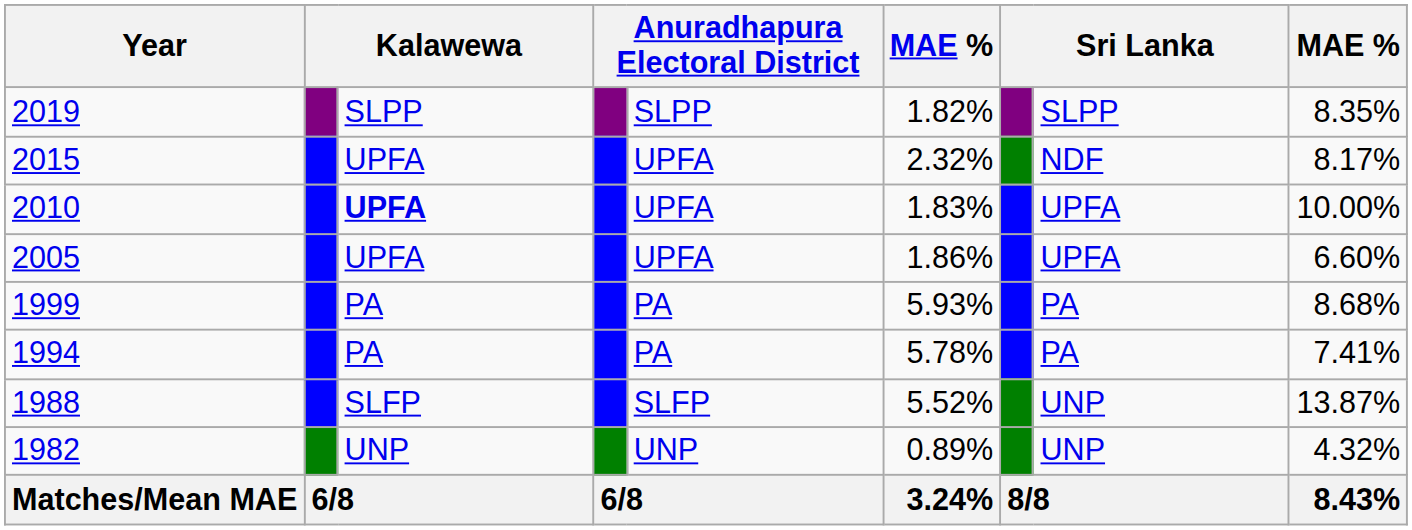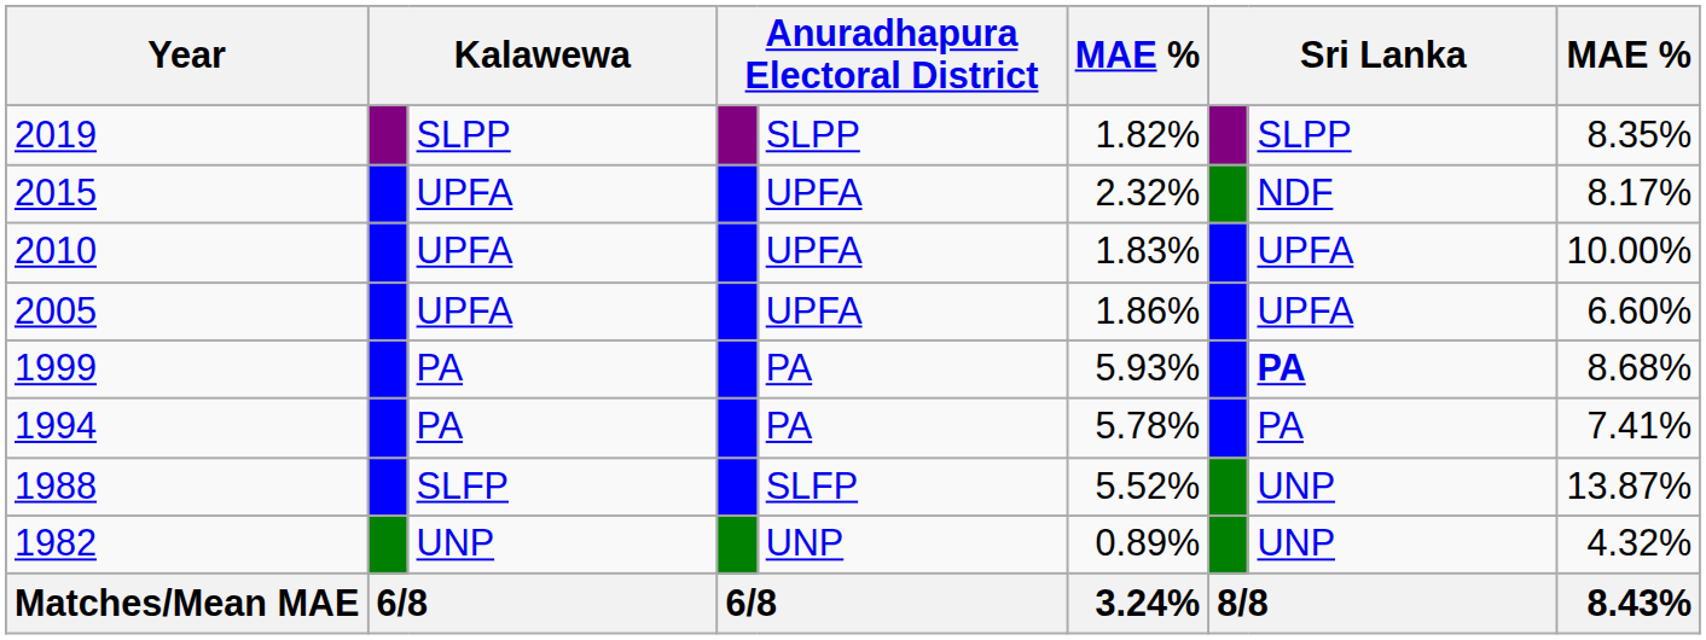 <table class="wikitable">
 <tr>
 <th>Year</th>
 <th colspan="2" width="144px">Kalawewa</th>
 <th colspan="2" width="144px"><a href='#'>Anuradhapura Electoral District</a></th>
 <th><a href='#'>MAE</a> %</th>
 <th colspan="2" width="144px">Sri Lanka</th>
 <th>MAE %</th>
 </tr>
 <tr>
 <td><a href='#'>2019</a></td>
 <td style="background-color:purple;" width="10px"></td>
 <td style="text-align:left;"><a href='#'>SLPP</a></td>
 <td style="background-color:purple;" width="10px"></td>
 <td style="text-align:left;"><a href='#'>SLPP</a></td>
 <td style="text-align:right;">1.82%</td>
 <td style="background-color:purple;" width="10px"></td>
 <td style="text-align:left;"><a href='#'>SLPP</a></td>
 <td style="text-align:right;">8.35%</td>
 </tr>
 <tr>
 <td><a href='#'>2015</a></td>
 <td style="background-color:blue;" width="10px"></td>
 <td style="text-align:left;"><a href='#'>UPFA</a></td>
 <td style="background-color:blue;" width="10px"></td>
 <td style="text-align:left;"><a href='#'>UPFA</a></td>
 <td style="text-align:right;">2.32%</td>
 <td style="background-color:green;" width="10px"></td>
 <td style="text-align:left;"><a href='#'>NDF</a></td>
 <td style="text-align:right;">8.17%</td>
 </tr>
 <tr>
 <td><a href='#'>2010</a></td>
 <td style="background-color:blue;" width="10px"></td>
-<td style="text-align:left;"><strong><a href='#'>UPFA</a></strong></td>
+<td style="text-align:left;"><a href='#'>UPFA</a></td>
 <td style="background-color:blue;" width="10px"></td>
 <td style="text-align:left;"><a href='#'>UPFA</a></td>
 <td style="text-align:right;">1.83%</td>
 <td style="background-color:blue;" width="10px"></td>
 <td style="text-align:left;"><a href='#'>UPFA</a></td>
 <td style="text-align:right;">10.00%</td>
 </tr>
 <tr>
 <td><a href='#'>2005</a></td>
 <td style="background-color:blue;" width="10px"></td>
 <td style="text-align:left;"><a href='#'>UPFA</a></td>
 <td style="background-color:blue;" width="10px"></td>
 <td style="text-align:left;"><a href='#'>UPFA</a></td>
 <td style="text-align:right;">1.86%</td>
 <td style="background-color:blue;" width="10px"></td>
 <td style="text-align:left;"><a href='#'>UPFA</a></td>
 <td style="text-align:right;">6.60%</td>
 </tr>
 <tr>
 <td><a href='#'>1999</a></td>
 <td style="background-color:blue;" width="10px"></td>
 <td style="text-align:left;"><a href='#'>PA</a></td>
 <td style="background-color:blue;" width="10px"></td>
 <td style="text-align:left;"><a href='#'>PA</a></td>
 <td style="text-align:right;">5.93%</td>
 <td style="background-color:blue;" width="10px"></td>
-<td style="text-align:left;"><a href='#'>PA</a></td>
+<td style="text-align:left;"><strong><a href='#'>PA</a></strong></td>
 <td style="text-align:right;">8.68%</td>
 </tr>
 <tr>
 <td><a href='#'>1994</a></td>
 <td style="background-color:blue;" width="10px"></td>
 <td style="text-align:left;"><a href='#'>PA</a></td>
 <td style="background-color:blue;" width="10px"></td>
 <td style="text-align:left;"><a href='#'>PA</a></td>
 <td style="text-align:right;">5.78%</td>
 <td style="background-color:blue;" width="10px"></td>
 <td style="text-align:left;"><a href='#'>PA</a></td>
 <td style="text-align:right;">7.41%</td>
 </tr>
 <tr>
 <td><a href='#'>1988</a></td>
 <td style="background-color:blue;" width="10px"></td>
 <td style="text-align:left;"><a href='#'>SLFP</a></td>
 <td style="background-color:blue;" width="10px"></td>
 <td style="text-align:left;"><a href='#'>SLFP</a></td>
 <td style="text-align:right;">5.52%</td>
 <td style="background-color:green;" width="10px"></td>
 <td style="text-align:left;"><a href='#'>UNP</a></td>
 <td style="text-align:right;">13.87%</td>
 </tr>
 <tr>
 <td><a href='#'>1982</a></td>
 <td style="background-color:green;" width="10px"></td>
 <td style="text-align:left;"><a href='#'>UNP</a></td>
 <td style="background-color:green;" width="10px"></td>
 <td style="text-align:left;"><a href='#'>UNP</a></td>
 <td style="text-align:right;">0.89%</td>
 <td style="background-color:green;" width="10px"></td>
 <td style="text-align:left;"><a href='#'>UNP</a></td>
 <td style="text-align:right;">4.32%</td>
 </tr>
 <tr>
 <th>Matches/Mean MAE</th>
 <th style="text-align:left;"colspan="2" width="144px">6/8</th>
 <th style="text-align:left;"colspan="2" width="144px">6/8</th>
 <th style="text-align:right;">3.24%</th>
 <th style="text-align:left;"colspan="2" width="144px">8/8</th>
 <th style="text-align:right;">8.43%</th>
 </tr>
 </table>
